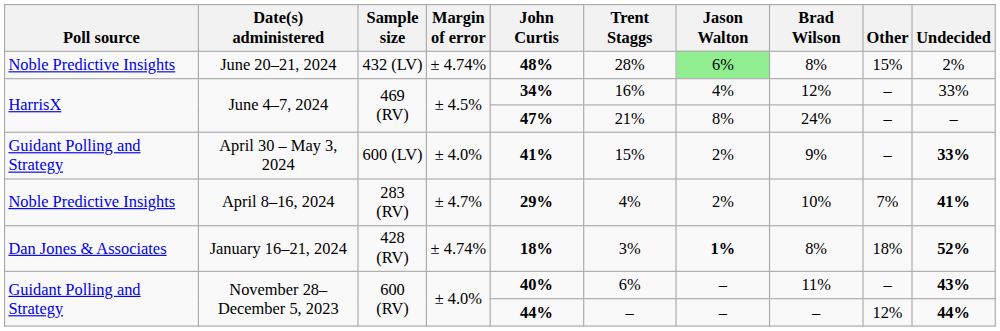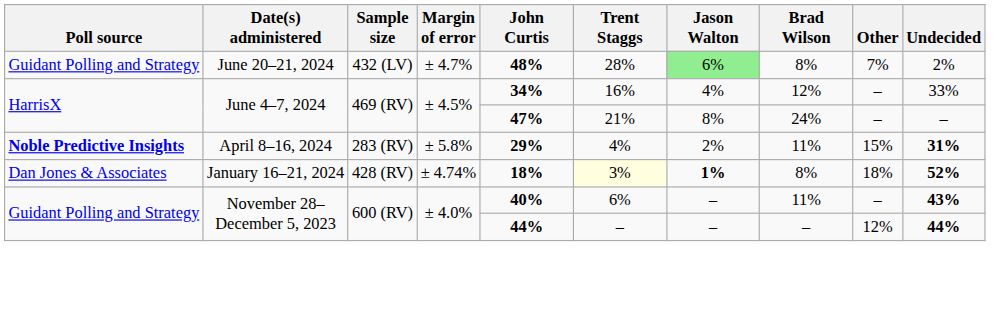 <table class="wikitable" style="font-size:90%;text-align:center;">
 <tr valign=bottom>
 <th>Poll source</th>
 <th>Date(s)<br>administered</th>
 <th>Sample<br>size</th>
 <th>Margin<br>of error</th>
 <th style="width:75px;">John<br>Curtis</th>
 <th style="width:75px;">Trent<br>Staggs</th>
 <th style="width:75px;">Jason<br>Walton</th>
 <th style="width:75px;">Brad<br>Wilson</th>
 <th>Other</th>
 <th>Undecided</th>
 </tr>
 <tr>
-<td style="text-align:left"><a href='#'>Noble Predictive Insights</a></td>
+<td style="text-align:left;"><a href='#'>Guidant Polling and Strategy</a></td>
 <td>June 20–21, 2024</td>
 <td>432 (LV)</td>
-<td>± 4.74%</td>
+<td>± 4.7%</td>
 <td><strong>48%</strong></td>
 <td>28%</td>
 <td style="background: lightgreen;">6%</td>
 <td>8%</td>
-<td>15%</td>
+<td>7%</td>
 <td>2%</td>
 </tr>
 <tr>
 <td rowspan=2 style="text-align:left;"><a href='#'>HarrisX</a></td>
 <td rowspan=2>June 4–7, 2024</td>
 <td rowspan=2>469 (RV)</td>
 <td rowspan=2>± 4.5%</td>
 <td><strong>34%</strong></td>
 <td>16%</td>
 <td>4%</td>
 <td>12%</td>
 <td>–</td>
 <td>33%</td>
 </tr>
 <tr>
 <td><strong>47%</strong></td>
 <td>21%</td>
 <td>8%</td>
 <td>24%</td>
 <td>–</td>
 <td>–</td>
 </tr>
 <tr>
-<td style="text-align:left;"><a href='#'>Guidant Polling and Strategy</a></td>
-<td>April 30 – May 3, 2024</td>
-<td>600 (LV)</td>
-<td>± 4.0%</td>
-<td><strong>41%</strong></td>
-<td>15%</td>
-<td>2%</td>
-<td>9%</td>
-<td>–</td>
-<td><strong>33%</strong></td>
-</tr>
-<tr>
-<td style="text-align:left;"><a href='#'>Noble Predictive Insights</a></td>
+<td style="text-align:left;"><strong><a href='#'>Noble Predictive Insights</a></strong></td>
 <td>April 8–16, 2024</td>
 <td>283 (RV)</td>
-<td>± 4.7%</td>
+<td>± 5.8%</td>
 <td><strong>29%</strong></td>
 <td>4%</td>
 <td>2%</td>
-<td>10%</td>
-<td>7%</td>
-<td><strong>41%</strong></td>
+<td>11%</td>
+<td>15%</td>
+<td><strong>31%</strong></td>
 </tr>
 <tr>
 <td style="text-align:left;"><a href='#'>Dan Jones & Associates</a></td>
 <td>January 16–21, 2024</td>
 <td>428 (RV)</td>
 <td>± 4.74%</td>
 <td><strong>18%</strong></td>
-<td>3%</td>
+<td style="background: lightyellow;">3%</td>
 <td><strong>1%</strong></td>
 <td>8%</td>
 <td>18%</td>
 <td><strong>52%</strong></td>
 </tr>
 <tr>
 <td rowspan=2 style="text-align:left"><a href='#'>Guidant Polling and Strategy</a></td>
 <td rowspan=2>November 28–<br>December 5, 2023</td>
 <td rowspan=2>600 (RV)</td>
 <td rowspan=2>± 4.0%</td>
 <td><strong>40%</strong></td>
 <td>6%</td>
 <td>–</td>
 <td>11%</td>
 <td>–</td>
 <td><strong>43%</strong></td>
 </tr>
 <tr>
 <td><strong>44%</strong></td>
 <td>–</td>
 <td>–</td>
 <td>–</td>
 <td>12%</td>
 <td><strong>44%</strong></td>
 </tr>
 </table>
